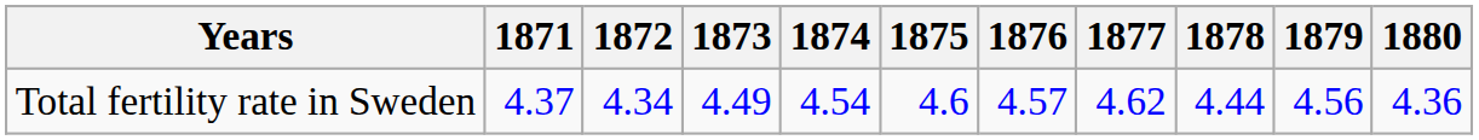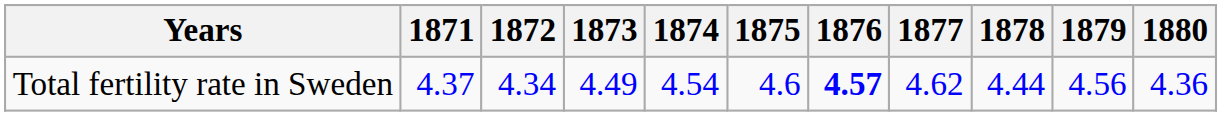 <table class="wikitable " style="text-align:right">
 <tr>
 <th>Years</th>
 <th>1871</th>
 <th>1872</th>
 <th>1873</th>
 <th>1874</th>
 <th>1875</th>
 <th>1876</th>
 <th>1877</th>
 <th>1878</th>
 <th>1879</th>
 <th>1880</th>
 </tr>
 <tr>
 <td style="text-align:left;">Total fertility rate in Sweden</td>
 <td style="text-align:right; color:blue;">4.37</td>
 <td style="text-align:right; color:blue;">4.34</td>
 <td style="text-align:right; color:blue;">4.49</td>
 <td style="text-align:right; color:blue;">4.54</td>
 <td style="text-/align:right; color:blue;">4.6</td>
-<td style="text-align:right; color:blue;">4.57</td>
+<td style="text-align:right; color:blue;"><strong>4.57</strong></td>
 <td style="text-align:right; color:blue;">4.62</td>
 <td style="text-align:right; color:blue;">4.44</td>
 <td style="text-align:right; color:blue;">4.56</td>
 <td style="text-align:right; color:blue;">4.36</td>
 </tr>
 </table>
